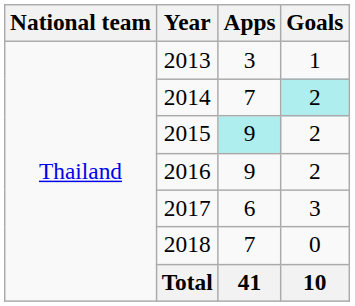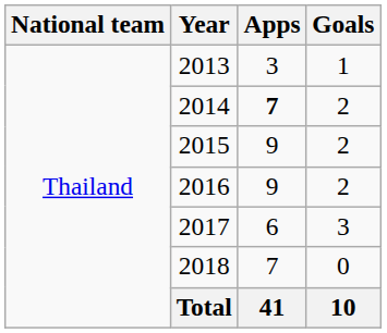 <table class="wikitable" style="text-align:center">
 <tr>
 <th>National team</th>
 <th>Year</th>
 <th>Apps</th>
 <th>Goals</th>
 </tr>
 <tr>
 <td rowspan="8" valign="center"><a href='#'>Thailand</a></td>
 <td>2013</td>
 <td>3</td>
 <td>1</td>
 </tr>
 <tr>
 <td>2014</td>
-<td>7</td>
-<td style="background: paleturquoise;">2</td>
+<td><strong>7</strong></td>
+<td>2</td>
 </tr>
 <tr>
 <td>2015</td>
-<td style="background: paleturquoise;">9</td>
+<td>9</td>
 <td>2</td>
 </tr>
 <tr>
 <td>2016</td>
 <td>9</td>
 <td>2</td>
 </tr>
 <tr>
 <td>2017</td>
 <td>6</td>
 <td>3</td>
 </tr>
 <tr>
 <td>2018</td>
 <td>7</td>
 <td>0</td>
 </tr>
 <tr>
 <th>Total</th>
 <th>41</th>
 <th>10</th>
 </tr>
 </table>
